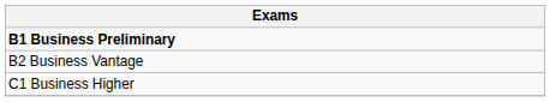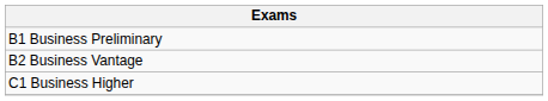 <table class="wikitable">
 <tr>
 <th width="600">Exams</th>
 </tr>
 <tr>
-<td><strong>B1 Business Preliminary</strong></td>
+<td>B1 Business Preliminary</td>
 </tr>
 <tr>
 <td>B2 Business Vantage</td>
 </tr>
 <tr>
 <td>C1 Business Higher</td>
 </tr>
 <tr>
 </tr>
 </table>
